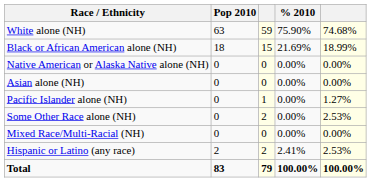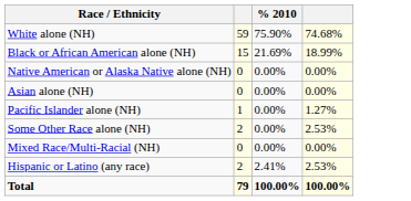 <table class="wikitable">
 <tr>
 <th>Race / Ethnicity</th>
-<th>Pop 2010</th>
 <th></th>
 <th>% 2010</th>
 <th></th>
 </tr>
 <tr>
 <td><a href='#'>White</a> alone (NH)</td>
-<td>63</td>
 <td style='background: #ffffe6;'>59</td>
 <td>75.90%</td>
 <td style='background: #ffffe6;'>74.68%</td>
 </tr>
 <tr>
 <td><a href='#'>Black or African American</a> alone (NH)</td>
-<td>18</td>
 <td style='background: #ffffe6;'>15</td>
 <td>21.69%</td>
 <td style='background: #ffffe6;'>18.99%</td>
 </tr>
 <tr>
 <td><a href='#'>Native American</a> or <a href='#'>Alaska Native</a> alone (NH)</td>
-<td>0</td>
 <td style='background: #ffffe6;'>0</td>
 <td>0.00%</td>
 <td style='background: #ffffe6;'>0.00%</td>
 </tr>
 <tr>
 <td><a href='#'>Asian</a> alone (NH)</td>
-<td>0</td>
 <td style='background: #ffffe6;'>0</td>
 <td>0.00%</td>
 <td style='background: #ffffe6;'>0.00%</td>
 </tr>
 <tr>
 <td><a href='#'>Pacific Islander</a> alone (NH)</td>
-<td>0</td>
 <td style='background: #ffffe6;'>1</td>
 <td>0.00%</td>
 <td style='background: #ffffe6;'>1.27%</td>
 </tr>
 <tr>
 <td><a href='#'>Some Other Race</a> alone (NH)</td>
-<td>0</td>
 <td style='background: #ffffe6;'>2</td>
 <td>0.00%</td>
 <td style='background: #ffffe6;'>2.53%</td>
 </tr>
 <tr>
 <td><a href='#'>Mixed Race/Multi-Racial</a> (NH)</td>
-<td>0</td>
 <td style='background: #ffffe6;'>0</td>
 <td>0.00%</td>
 <td style='background: #ffffe6;'>0.00%</td>
 </tr>
 <tr>
 <td><a href='#'>Hispanic or Latino</a> (any race)</td>
-<td>2</td>
 <td style='background: #ffffe6;'>2</td>
 <td>2.41%</td>
 <td style='background: #ffffe6;'>2.53%</td>
 </tr>
 <tr>
 <td><strong>Total</strong></td>
-<td><strong>83</strong></td>
 <td style='background: #ffffe6;'><strong>79</strong></td>
 <td><strong>100.00%</strong></td>
 <td style='background: #ffffe6;'><strong>100.00%</strong></td>
 </tr>
 </table>
